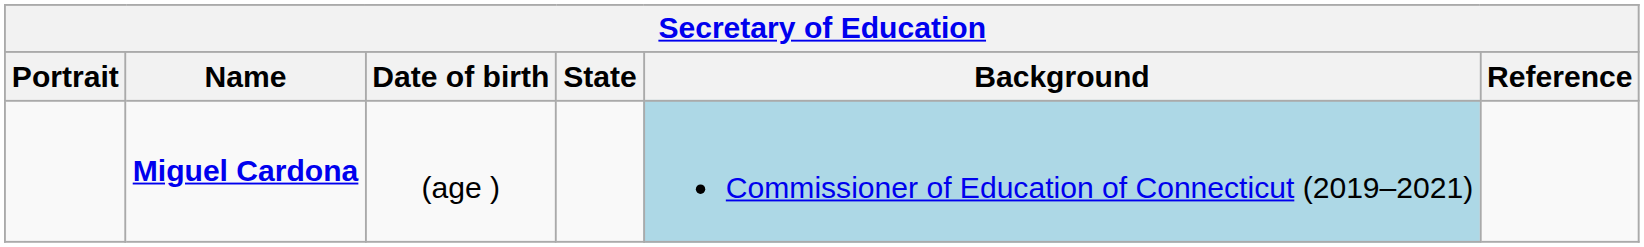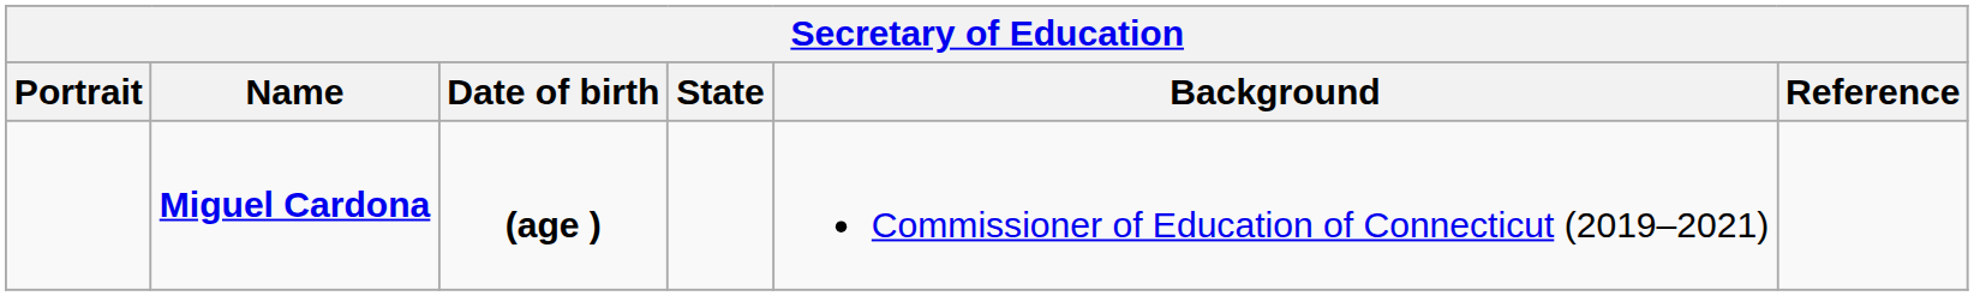 <table class="wikitable collapsible" style="text-align:center;">
 <tr>
 <th colspan="6"><a href='#'>Secretary of Education</a></th>
 </tr>
 <tr>
 <th>Portrait</th>
 <th>Name</th>
 <th>Date of birth</th>
 <th>State</th>
 <th>Background</th>
 <th>Reference</th>
 </tr>
 <tr>
 <td></td>
 <td><strong><a href='#'>Miguel Cardona</a></strong></td>
-<td><br>(age )</td>
+<td><strong><br>(age )</strong></td>
 <td></td>
-<td style="background: lightblue;"><br><ul><li><a href='#'>Commissioner of Education of Connecticut</a> (2019–2021)</li></ul></td>
+<td><br><ul><li><a href='#'>Commissioner of Education of Connecticut</a> (2019–2021)</li></ul></td>
 <td></td>
 </tr>
 </table>
